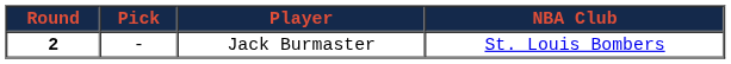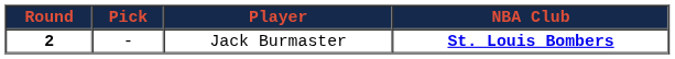 <table cellpadding="1" border="1" cellspacing="0" width="60%" style="text-align:center;">
 <tr style="background:#14294B; color:#DF4E38;">
 <td><strong>Round</strong></td>
 <td><strong>Pick</strong></td>
 <td><strong>Player</strong></td>
 <td><strong>NBA Club</strong></td>
 </tr>
 <tr align="center" bgcolor="">
 <td><strong>2</strong></td>
 <td>-</td>
 <td>Jack Burmaster</td>
-<td><a href='#'>St. Louis Bombers</a></td>
+<td><strong><a href='#'>St. Louis Bombers</a></strong></td>
 </tr>
 <tr align="center" bgcolor="">
 </tr>
 </table>
